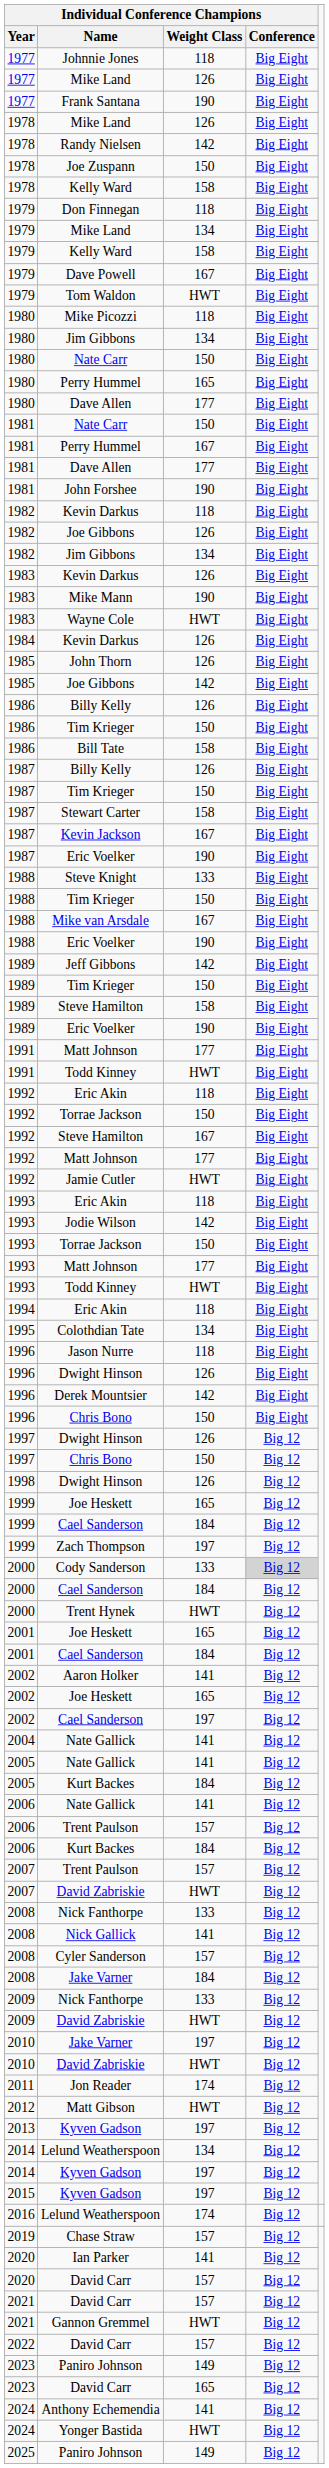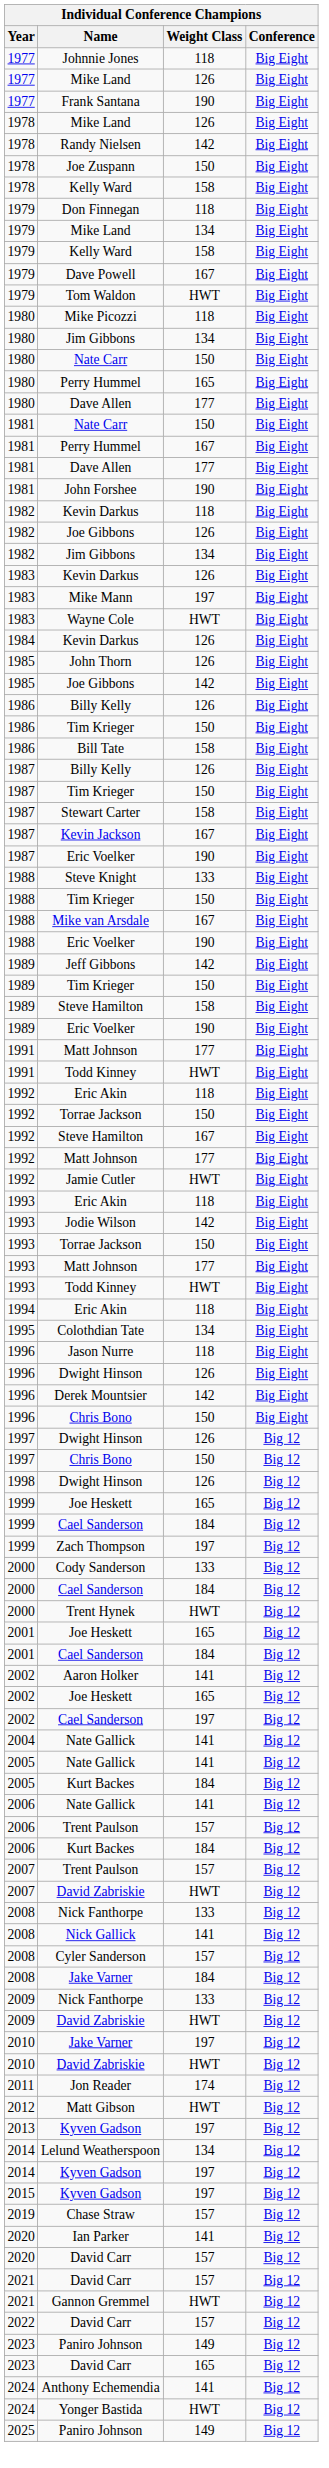 <table class="wikitable">
 <tr>
 <th colspan="4">Individual Conference Champions</th>
 </tr>
 <tr>
 <th scope="col">Year</th>
 <th scope="col">Name</th>
 <th scope="col">Weight Class</th>
 <th scope="col">Conference</th>
 </tr>
 <tr>
 <td><a href='#'>1977</a></td>
 <td style="text-align: center;">Johnnie Jones</td>
 <td style="text-align: center;">118</td>
 <td style="text-align: center;"><a href='#'>Big Eight</a></td>
 </tr>
 <tr>
 <td><a href='#'>1977</a></td>
 <td style="text-align: center;">Mike Land</td>
 <td style="text-align: center;">126</td>
 <td style="text-align: center;"><a href='#'>Big Eight</a></td>
 </tr>
 <tr>
 <td><a href='#'>1977</a></td>
 <td style="text-align: center;">Frank Santana</td>
 <td style="text-align: center;">190</td>
 <td style="text-align: center;"><a href='#'>Big Eight</a></td>
 </tr>
 <tr>
 <td>1978</td>
 <td style="text-align: center;">Mike Land</td>
 <td style="text-align: center;">126</td>
 <td style="text-align: center;"><a href='#'>Big Eight</a></td>
 </tr>
 <tr>
 <td>1978</td>
 <td style="text-align: center;">Randy Nielsen</td>
 <td style="text-align: center;">142</td>
 <td style="text-align: center;"><a href='#'>Big Eight</a></td>
 </tr>
 <tr>
 <td>1978</td>
 <td style="text-align: center;">Joe Zuspann</td>
 <td style="text-align: center;">150</td>
 <td style="text-align: center;"><a href='#'>Big Eight</a></td>
 </tr>
 <tr>
 <td>1978</td>
 <td style="text-align: center;">Kelly Ward</td>
 <td style="text-align: center;">158</td>
 <td style="text-align: center;"><a href='#'>Big Eight</a></td>
 </tr>
 <tr>
 <td>1979</td>
 <td style="text-align: center;">Don Finnegan</td>
 <td style="text-align: center;">118</td>
 <td style="text-align: center;"><a href='#'>Big Eight</a></td>
 </tr>
 <tr>
 <td>1979</td>
 <td style="text-align: center;">Mike Land</td>
 <td style="text-align: center;">134</td>
 <td style="text-align: center;"><a href='#'>Big Eight</a></td>
 </tr>
 <tr>
 <td>1979</td>
 <td style="text-align: center;">Kelly Ward</td>
 <td style="text-align: center;">158</td>
 <td style="text-align: center;"><a href='#'>Big Eight</a></td>
 </tr>
 <tr>
 <td>1979</td>
 <td style="text-align: center;">Dave Powell</td>
 <td style="text-align: center;">167</td>
 <td style="text-align: center;"><a href='#'>Big Eight</a></td>
 </tr>
 <tr>
 <td>1979</td>
 <td style="text-align: center;">Tom Waldon</td>
 <td style="text-align: center;">HWT</td>
 <td style="text-align: center;"><a href='#'>Big Eight</a></td>
 </tr>
 <tr>
 <td>1980</td>
 <td style="text-align: center;">Mike Picozzi</td>
 <td style="text-align: center;">118</td>
 <td style="text-align: center;"><a href='#'>Big Eight</a></td>
 </tr>
 <tr>
 <td>1980</td>
 <td style="text-align: center;">Jim Gibbons</td>
 <td style="text-align: center;">134</td>
 <td style="text-align: center;"><a href='#'>Big Eight</a></td>
 </tr>
 <tr>
 <td>1980</td>
 <td style="text-align: center;"><a href='#'>Nate Carr</a></td>
 <td style="text-align: center;">150</td>
 <td style="text-align: center;"><a href='#'>Big Eight</a></td>
 </tr>
 <tr>
 <td>1980</td>
 <td style="text-align: center;">Perry Hummel</td>
 <td style="text-align: center;">165</td>
 <td style="text-align: center;"><a href='#'>Big Eight</a></td>
 </tr>
 <tr>
 <td>1980</td>
 <td style="text-align: center;">Dave Allen</td>
 <td style="text-align: center;">177</td>
 <td style="text-align: center;"><a href='#'>Big Eight</a></td>
 </tr>
 <tr>
 <td>1981</td>
 <td style="text-align: center;"><a href='#'>Nate Carr</a></td>
 <td style="text-align: center;">150</td>
 <td style="text-align: center;"><a href='#'>Big Eight</a></td>
 </tr>
 <tr>
 <td>1981</td>
 <td style="text-align: center;">Perry Hummel</td>
 <td style="text-align: center;">167</td>
 <td style="text-align: center;"><a href='#'>Big Eight</a></td>
 </tr>
 <tr>
 <td>1981</td>
 <td style="text-align: center;">Dave Allen</td>
 <td style="text-align: center;">177</td>
 <td style="text-align: center;"><a href='#'>Big Eight</a></td>
 </tr>
 <tr>
 <td>1981</td>
 <td style="text-align: center;">John Forshee</td>
 <td style="text-align: center;">190</td>
 <td style="text-align: center;"><a href='#'>Big Eight</a></td>
 </tr>
 <tr>
 <td>1982</td>
 <td style="text-align: center;">Kevin Darkus</td>
 <td style="text-align: center;">118</td>
 <td style="text-align: center;"><a href='#'>Big Eight</a></td>
 </tr>
 <tr>
 <td>1982</td>
 <td style="text-align: center;">Joe Gibbons</td>
 <td style="text-align: center;">126</td>
 <td style="text-align: center;"><a href='#'>Big Eight</a></td>
 </tr>
 <tr>
 <td>1982</td>
 <td style="text-align: center;">Jim Gibbons</td>
 <td style="text-align: center;">134</td>
 <td style="text-align: center;"><a href='#'>Big Eight</a></td>
 </tr>
 <tr>
 <td>1983</td>
 <td style="text-align: center;">Kevin Darkus</td>
 <td style="text-align: center;">126</td>
 <td style="text-align: center;"><a href='#'>Big Eight</a></td>
 </tr>
 <tr>
 <td>1983</td>
 <td style="text-align: center;">Mike Mann</td>
-<td style="text-align: center;">190</td>
+<td style="text-align: center;">197</td>
 <td style="text-align: center;"><a href='#'>Big Eight</a></td>
 </tr>
 <tr>
 <td>1983</td>
 <td style="text-align: center;">Wayne Cole</td>
 <td style="text-align: center;">HWT</td>
 <td style="text-align: center;"><a href='#'>Big Eight</a></td>
 </tr>
 <tr>
 <td>1984</td>
 <td style="text-align: center;">Kevin Darkus</td>
 <td style="text-align: center;">126</td>
 <td style="text-align: center;"><a href='#'>Big Eight</a></td>
 </tr>
 <tr>
 <td>1985</td>
 <td style="text-align: center;">John Thorn</td>
 <td style="text-align: center;">126</td>
 <td style="text-align: center;"><a href='#'>Big Eight</a></td>
 </tr>
 <tr>
 <td>1985</td>
 <td style="text-align: center;">Joe Gibbons</td>
 <td style="text-align: center;">142</td>
 <td style="text-align: center;"><a href='#'>Big Eight</a></td>
 </tr>
 <tr>
 <td>1986</td>
 <td style="text-align: center;">Billy Kelly</td>
 <td style="text-align: center;">126</td>
 <td style="text-align: center;"><a href='#'>Big Eight</a></td>
 </tr>
 <tr>
 <td>1986</td>
 <td style="text-align: center;">Tim Krieger</td>
 <td style="text-align: center;">150</td>
 <td style="text-align: center;"><a href='#'>Big Eight</a></td>
 </tr>
 <tr>
 <td>1986</td>
 <td style="text-align: center;">Bill Tate</td>
 <td style="text-align: center;">158</td>
 <td style="text-align: center;"><a href='#'>Big Eight</a></td>
 </tr>
 <tr>
 <td>1987</td>
 <td style="text-align: center;">Billy Kelly</td>
 <td style="text-align: center;">126</td>
 <td style="text-align: center;"><a href='#'>Big Eight</a></td>
 </tr>
 <tr>
 <td>1987</td>
 <td style="text-align: center;">Tim Krieger</td>
 <td style="text-align: center;">150</td>
 <td style="text-align: center;"><a href='#'>Big Eight</a></td>
 </tr>
 <tr>
 <td>1987</td>
 <td style="text-align: center;">Stewart Carter</td>
 <td style="text-align: center;">158</td>
 <td style="text-align: center;"><a href='#'>Big Eight</a></td>
 </tr>
 <tr>
 <td>1987</td>
 <td style="text-align: center;"><a href='#'>Kevin Jackson</a></td>
 <td style="text-align: center;">167</td>
 <td style="text-align: center;"><a href='#'>Big Eight</a></td>
 </tr>
 <tr>
 <td>1987</td>
 <td style="text-align: center;">Eric Voelker</td>
 <td style="text-align: center;">190</td>
 <td style="text-align: center;"><a href='#'>Big Eight</a></td>
 </tr>
 <tr>
 <td>1988</td>
 <td style="text-align: center;">Steve Knight</td>
 <td style="text-align: center;">133</td>
 <td style="text-align: center;"><a href='#'>Big Eight</a></td>
 </tr>
 <tr>
 <td>1988</td>
 <td style="text-align: center;">Tim Krieger</td>
 <td style="text-align: center;">150</td>
 <td style="text-align: center;"><a href='#'>Big Eight</a></td>
 </tr>
 <tr>
 <td>1988</td>
 <td style="text-align: center;"><a href='#'>Mike van Arsdale</a></td>
 <td style="text-align: center;">167</td>
 <td style="text-align: center;"><a href='#'>Big Eight</a></td>
 </tr>
 <tr>
 <td>1988</td>
 <td style="text-align: center;">Eric Voelker</td>
 <td style="text-align: center;">190</td>
 <td style="text-align: center;"><a href='#'>Big Eight</a></td>
 </tr>
 <tr>
 <td>1989</td>
 <td style="text-align: center;">Jeff Gibbons</td>
 <td style="text-align: center;">142</td>
 <td style="text-align: center;"><a href='#'>Big Eight</a></td>
 </tr>
 <tr>
 <td>1989</td>
 <td style="text-align: center;">Tim Krieger</td>
 <td style="text-align: center;">150</td>
 <td style="text-align: center;"><a href='#'>Big Eight</a></td>
 </tr>
 <tr>
 <td>1989</td>
 <td style="text-align: center;">Steve Hamilton</td>
 <td style="text-align: center;">158</td>
 <td style="text-align: center;"><a href='#'>Big Eight</a></td>
 </tr>
 <tr>
 <td>1989</td>
 <td style="text-align: center;">Eric Voelker</td>
 <td style="text-align: center;">190</td>
 <td style="text-align: center;"><a href='#'>Big Eight</a></td>
 </tr>
 <tr>
 <td>1991</td>
 <td style="text-align: center;">Matt Johnson</td>
 <td style="text-align: center;">177</td>
 <td style="text-align: center;"><a href='#'>Big Eight</a></td>
 </tr>
 <tr>
 <td>1991</td>
 <td style="text-align: center;">Todd Kinney</td>
 <td style="text-align: center;">HWT</td>
 <td style="text-align: center;"><a href='#'>Big Eight</a></td>
 </tr>
 <tr>
 <td>1992</td>
 <td style="text-align: center;">Eric Akin</td>
 <td style="text-align: center;">118</td>
 <td style="text-align: center;"><a href='#'>Big Eight</a></td>
 </tr>
 <tr>
 <td>1992</td>
 <td style="text-align: center;">Torrae Jackson</td>
 <td style="text-align: center;">150</td>
 <td style="text-align: center;"><a href='#'>Big Eight</a></td>
 </tr>
 <tr>
 <td>1992</td>
 <td style="text-align: center;">Steve Hamilton</td>
 <td style="text-align: center;">167</td>
 <td style="text-align: center;"><a href='#'>Big Eight</a></td>
 </tr>
 <tr>
 <td>1992</td>
 <td style="text-align: center;">Matt Johnson</td>
 <td style="text-align: center;">177</td>
 <td style="text-align: center;"><a href='#'>Big Eight</a></td>
 </tr>
 <tr>
 <td>1992</td>
 <td style="text-align: center;">Jamie Cutler</td>
 <td style="text-align: center;">HWT</td>
 <td style="text-align: center;"><a href='#'>Big Eight</a></td>
 </tr>
 <tr>
 <td>1993</td>
 <td style="text-align: center;">Eric Akin</td>
 <td style="text-align: center;">118</td>
 <td style="text-align: center;"><a href='#'>Big Eight</a></td>
 </tr>
 <tr>
 <td>1993</td>
 <td style="text-align: center;">Jodie Wilson</td>
 <td style="text-align: center;">142</td>
 <td style="text-align: center;"><a href='#'>Big Eight</a></td>
 </tr>
 <tr>
 <td>1993</td>
 <td style="text-align: center;">Torrae Jackson</td>
 <td style="text-align: center;">150</td>
 <td style="text-align: center;"><a href='#'>Big Eight</a></td>
 </tr>
 <tr>
 <td>1993</td>
 <td style="text-align: center;">Matt Johnson</td>
 <td style="text-align: center;">177</td>
 <td style="text-align: center;"><a href='#'>Big Eight</a></td>
 </tr>
 <tr>
 <td>1993</td>
 <td style="text-align: center;">Todd Kinney</td>
 <td style="text-align: center;">HWT</td>
 <td style="text-align: center;"><a href='#'>Big Eight</a></td>
 </tr>
 <tr>
 <td>1994</td>
 <td style="text-align: center;">Eric Akin</td>
 <td style="text-align: center;">118</td>
 <td style="text-align: center;"><a href='#'>Big Eight</a></td>
 </tr>
 <tr>
 <td>1995</td>
 <td style="text-align: center;">Colothdian Tate</td>
 <td style="text-align: center;">134</td>
 <td style="text-align: center;"><a href='#'>Big Eight</a></td>
 </tr>
 <tr>
 <td>1996</td>
 <td style="text-align: center;">Jason Nurre</td>
 <td style="text-align: center;">118</td>
 <td style="text-align: center;"><a href='#'>Big Eight</a></td>
 </tr>
 <tr>
 <td>1996</td>
 <td style="text-align: center;">Dwight Hinson</td>
 <td style="text-align: center;">126</td>
 <td style="text-align: center;"><a href='#'>Big Eight</a></td>
 </tr>
 <tr>
 <td>1996</td>
 <td style="text-align: center;">Derek Mountsier</td>
 <td style="text-align: center;">142</td>
 <td style="text-align: center;"><a href='#'>Big Eight</a></td>
 </tr>
 <tr>
 <td>1996</td>
 <td style="text-align: center;"><a href='#'>Chris Bono</a></td>
 <td style="text-align: center;">150</td>
 <td style="text-align: center;"><a href='#'>Big Eight</a></td>
 </tr>
 <tr>
 <td>1997</td>
 <td style="text-align: center;">Dwight Hinson</td>
 <td style="text-align: center;">126</td>
 <td style="text-align: center;"><a href='#'>Big 12</a></td>
 </tr>
 <tr>
 <td>1997</td>
 <td style="text-align: center;"><a href='#'>Chris Bono</a></td>
 <td style="text-align: center;">150</td>
 <td style="text-align: center;"><a href='#'>Big 12</a></td>
 </tr>
 <tr>
 <td>1998</td>
 <td style="text-align: center;">Dwight Hinson</td>
 <td style="text-align: center;">126</td>
 <td style="text-align: center;"><a href='#'>Big 12</a></td>
 </tr>
 <tr>
 <td>1999</td>
 <td style="text-align: center;">Joe Heskett</td>
 <td style="text-align: center;">165</td>
 <td style="text-align: center;"><a href='#'>Big 12</a></td>
 </tr>
 <tr>
 <td>1999</td>
 <td style="text-align: center;"><a href='#'>Cael Sanderson</a></td>
 <td style="text-align: center;">184</td>
 <td style="text-align: center;"><a href='#'>Big 12</a></td>
 </tr>
 <tr>
 <td>1999</td>
 <td style="text-align: center;">Zach Thompson</td>
 <td style="text-align: center;">197</td>
 <td style="text-align: center;"><a href='#'>Big 12</a></td>
 </tr>
 <tr>
 <td>2000</td>
 <td style="text-align: center;">Cody Sanderson</td>
 <td style="text-align: center;">133</td>
-<td style="background: lightgrey; text-align: center;"><a href='#'>Big 12</a></td>
+<td style="text-align: center;"><a href='#'>Big 12</a></td>
 </tr>
 <tr>
 <td>2000</td>
 <td style="text-align: center;"><a href='#'>Cael Sanderson</a></td>
 <td style="text-align: center;">184</td>
 <td style="text-align: center;"><a href='#'>Big 12</a></td>
 </tr>
 <tr>
 <td>2000</td>
 <td style="text-align: center;">Trent Hynek</td>
 <td style="text-align: center;">HWT</td>
 <td style="text-align: center;"><a href='#'>Big 12</a></td>
 </tr>
 <tr>
 <td>2001</td>
 <td style="text-align: center;">Joe Heskett</td>
 <td style="text-align: center;">165</td>
 <td style="text-align: center;"><a href='#'>Big 12</a></td>
 </tr>
 <tr>
 <td>2001</td>
 <td style="text-align: center;"><a href='#'>Cael Sanderson</a></td>
 <td style="text-align: center;">184</td>
 <td style="text-align: center;"><a href='#'>Big 12</a></td>
 </tr>
 <tr>
 <td>2002</td>
 <td style="text-align: center;">Aaron Holker</td>
 <td style="text-align: center;">141</td>
 <td style="text-align: center;"><a href='#'>Big 12</a></td>
 </tr>
 <tr>
 <td>2002</td>
 <td style="text-align: center;">Joe Heskett</td>
 <td style="text-align: center;">165</td>
 <td style="text-align: center;"><a href='#'>Big 12</a></td>
 </tr>
 <tr>
 <td>2002</td>
 <td style="text-align: center;"><a href='#'>Cael Sanderson</a></td>
 <td style="text-align: center;">197</td>
 <td style="text-align: center;"><a href='#'>Big 12</a></td>
 </tr>
 <tr>
 <td>2004</td>
 <td style="text-align: center;">Nate Gallick</td>
 <td style="text-align: center;">141</td>
 <td style="text-align: center;"><a href='#'>Big 12</a></td>
 </tr>
 <tr>
 <td>2005</td>
 <td style="text-align: center;">Nate Gallick</td>
 <td style="text-align: center;">141</td>
 <td style="text-align: center;"><a href='#'>Big 12</a></td>
 </tr>
 <tr>
 <td>2005</td>
 <td style="text-align: center;">Kurt Backes</td>
 <td style="text-align: center;">184</td>
 <td style="text-align: center;"><a href='#'>Big 12</a></td>
 </tr>
 <tr>
 <td>2006</td>
 <td style="text-align: center;">Nate Gallick</td>
 <td style="text-align: center;">141</td>
 <td style="text-align: center;"><a href='#'>Big 12</a></td>
 </tr>
 <tr>
 <td>2006</td>
 <td style="text-align: center;">Trent Paulson</td>
 <td style="text-align: center;">157</td>
 <td style="text-align: center;"><a href='#'>Big 12</a></td>
 </tr>
 <tr>
 <td>2006</td>
 <td style="text-align: center;">Kurt Backes</td>
 <td style="text-align: center;">184</td>
 <td style="text-align: center;"><a href='#'>Big 12</a></td>
 </tr>
 <tr>
 <td>2007</td>
 <td style="text-align: center;">Trent Paulson</td>
 <td style="text-align: center;">157</td>
 <td style="text-align: center;"><a href='#'>Big 12</a></td>
 </tr>
 <tr>
 <td>2007</td>
 <td style="text-align: center;"><a href='#'>David Zabriskie</a></td>
 <td style="text-align: center;">HWT</td>
 <td style="text-align: center;"><a href='#'>Big 12</a></td>
 </tr>
 <tr>
 <td>2008</td>
 <td style="text-align: center;">Nick Fanthorpe</td>
 <td style="text-align: center;">133</td>
 <td style="text-align: center;"><a href='#'>Big 12</a></td>
 </tr>
 <tr>
 <td>2008</td>
 <td style="text-align: center;"><a href='#'>Nick Gallick</a></td>
 <td style="text-align: center;">141</td>
 <td style="text-align: center;"><a href='#'>Big 12</a></td>
 </tr>
 <tr>
 <td>2008</td>
 <td style="text-align: center;">Cyler Sanderson</td>
 <td style="text-align: center;">157</td>
 <td style="text-align: center;"><a href='#'>Big 12</a></td>
 </tr>
 <tr>
 <td>2008</td>
 <td style="text-align: center;"><a href='#'>Jake Varner</a></td>
 <td style="text-align: center;">184</td>
 <td style="text-align: center;"><a href='#'>Big 12</a></td>
 </tr>
 <tr>
 <td>2009</td>
 <td style="text-align: center;">Nick Fanthorpe</td>
 <td style="text-align: center;">133</td>
 <td style="text-align: center;"><a href='#'>Big 12</a></td>
 </tr>
 <tr>
 <td>2009</td>
 <td style="text-align: center;"><a href='#'>David Zabriskie</a></td>
 <td style="text-align: center;">HWT</td>
 <td style="text-align: center;"><a href='#'>Big 12</a></td>
 </tr>
 <tr>
 <td>2010</td>
 <td style="text-align: center;"><a href='#'>Jake Varner</a></td>
 <td style="text-align: center;">197</td>
 <td style="text-align: center;"><a href='#'>Big 12</a></td>
 </tr>
 <tr>
 <td>2010</td>
 <td style="text-align: center;"><a href='#'>David Zabriskie</a></td>
 <td style="text-align: center;">HWT</td>
 <td style="text-align: center;"><a href='#'>Big 12</a></td>
 </tr>
 <tr>
 <td>2011</td>
 <td style="text-align: center;">Jon Reader</td>
 <td style="text-align: center;">174</td>
 <td style="text-align: center;"><a href='#'>Big 12</a></td>
 </tr>
 <tr>
 <td>2012</td>
 <td style="text-align: center;">Matt Gibson</td>
 <td style="text-align: center;">HWT</td>
 <td style="text-align: center;"><a href='#'>Big 12</a></td>
 </tr>
 <tr>
 <td>2013</td>
 <td style="text-align: center;"><a href='#'>Kyven Gadson</a></td>
 <td style="text-align: center;">197</td>
 <td style="text-align: center;"><a href='#'>Big 12</a></td>
 </tr>
 <tr>
 <td>2014</td>
 <td style="text-align: center;">Lelund Weatherspoon</td>
 <td style="text-align: center;">134</td>
 <td style="text-align: center;"><a href='#'>Big 12</a></td>
 </tr>
 <tr>
 <td>2014</td>
 <td style="text-align: center;"><a href='#'>Kyven Gadson</a></td>
 <td style="text-align: center;">197</td>
 <td style="text-align: center;"><a href='#'>Big 12</a></td>
 </tr>
 <tr>
 <td>2015</td>
 <td style="text-align: center;"><a href='#'>Kyven Gadson</a></td>
 <td style="text-align: center;">197</td>
 <td style="text-align: center;"><a href='#'>Big 12</a></td>
 </tr>
 <tr>
-<td>2016</td>
-<td style="text-align: center;">Lelund Weatherspoon</td>
-<td style="text-align: center;">174</td>
-<td style="text-align: center;"><a href='#'>Big 12</a></td>
-<td></td>
-</tr>
-<tr>
 <td>2019</td>
 <td style="text-align: center;">Chase Straw</td>
 <td style="text-align: center;">157</td>
 <td style="text-align: center;"><a href='#'>Big 12</a></td>
 </tr>
 <tr>
 <td>2020</td>
 <td style="text-align: center;">Ian Parker</td>
 <td style="text-align: center;">141</td>
 <td style="text-align: center;"><a href='#'>Big 12</a></td>
 </tr>
 <tr>
 <td>2020</td>
 <td style="text-align: center;">David Carr</td>
 <td style="text-align: center;">157</td>
 <td style="text-align: center;"><a href='#'>Big 12</a></td>
 </tr>
 <tr>
 <td>2021</td>
 <td style="text-align: center;">David Carr</td>
 <td style="text-align: center;">157</td>
 <td style="text-align: center;"><a href='#'>Big 12</a></td>
 </tr>
 <tr>
 <td>2021</td>
 <td style="text-align: center;">Gannon Gremmel</td>
 <td style="text-align: center;">HWT</td>
 <td style="text-align: center;"><a href='#'>Big 12</a></td>
 </tr>
 <tr>
 <td>2022</td>
 <td style="text-align: center;">David Carr</td>
 <td style="text-align: center;">157</td>
 <td style="text-align: center;"><a href='#'>Big 12</a></td>
 </tr>
 <tr>
 <td>2023</td>
 <td style="text-align: center;">Paniro Johnson</td>
 <td style="text-align: center;">149</td>
 <td style="text-align: center;"><a href='#'>Big 12</a></td>
 </tr>
 <tr>
 <td>2023</td>
 <td style="text-align: center;">David Carr</td>
 <td style="text-align: center;">165</td>
 <td style="text-align: center;"><a href='#'>Big 12</a></td>
 </tr>
 <tr>
 <td>2024</td>
 <td style="text-align: center;">Anthony Echemendia</td>
 <td style="text-align: center;">141</td>
 <td style="text-align: center;"><a href='#'>Big 12</a></td>
 </tr>
 <tr>
 <td>2024</td>
 <td style="text-align: center;">Yonger Bastida</td>
 <td style="text-align: center;">HWT</td>
 <td style="text-align: center;"><a href='#'>Big 12</a></td>
 </tr>
 <tr>
 <td>2025</td>
 <td style="text-align: center;">Paniro Johnson</td>
 <td style="text-align: center;">149</td>
 <td style="text-align: center;"><a href='#'>Big 12</a></td>
 </tr>
 </table>
